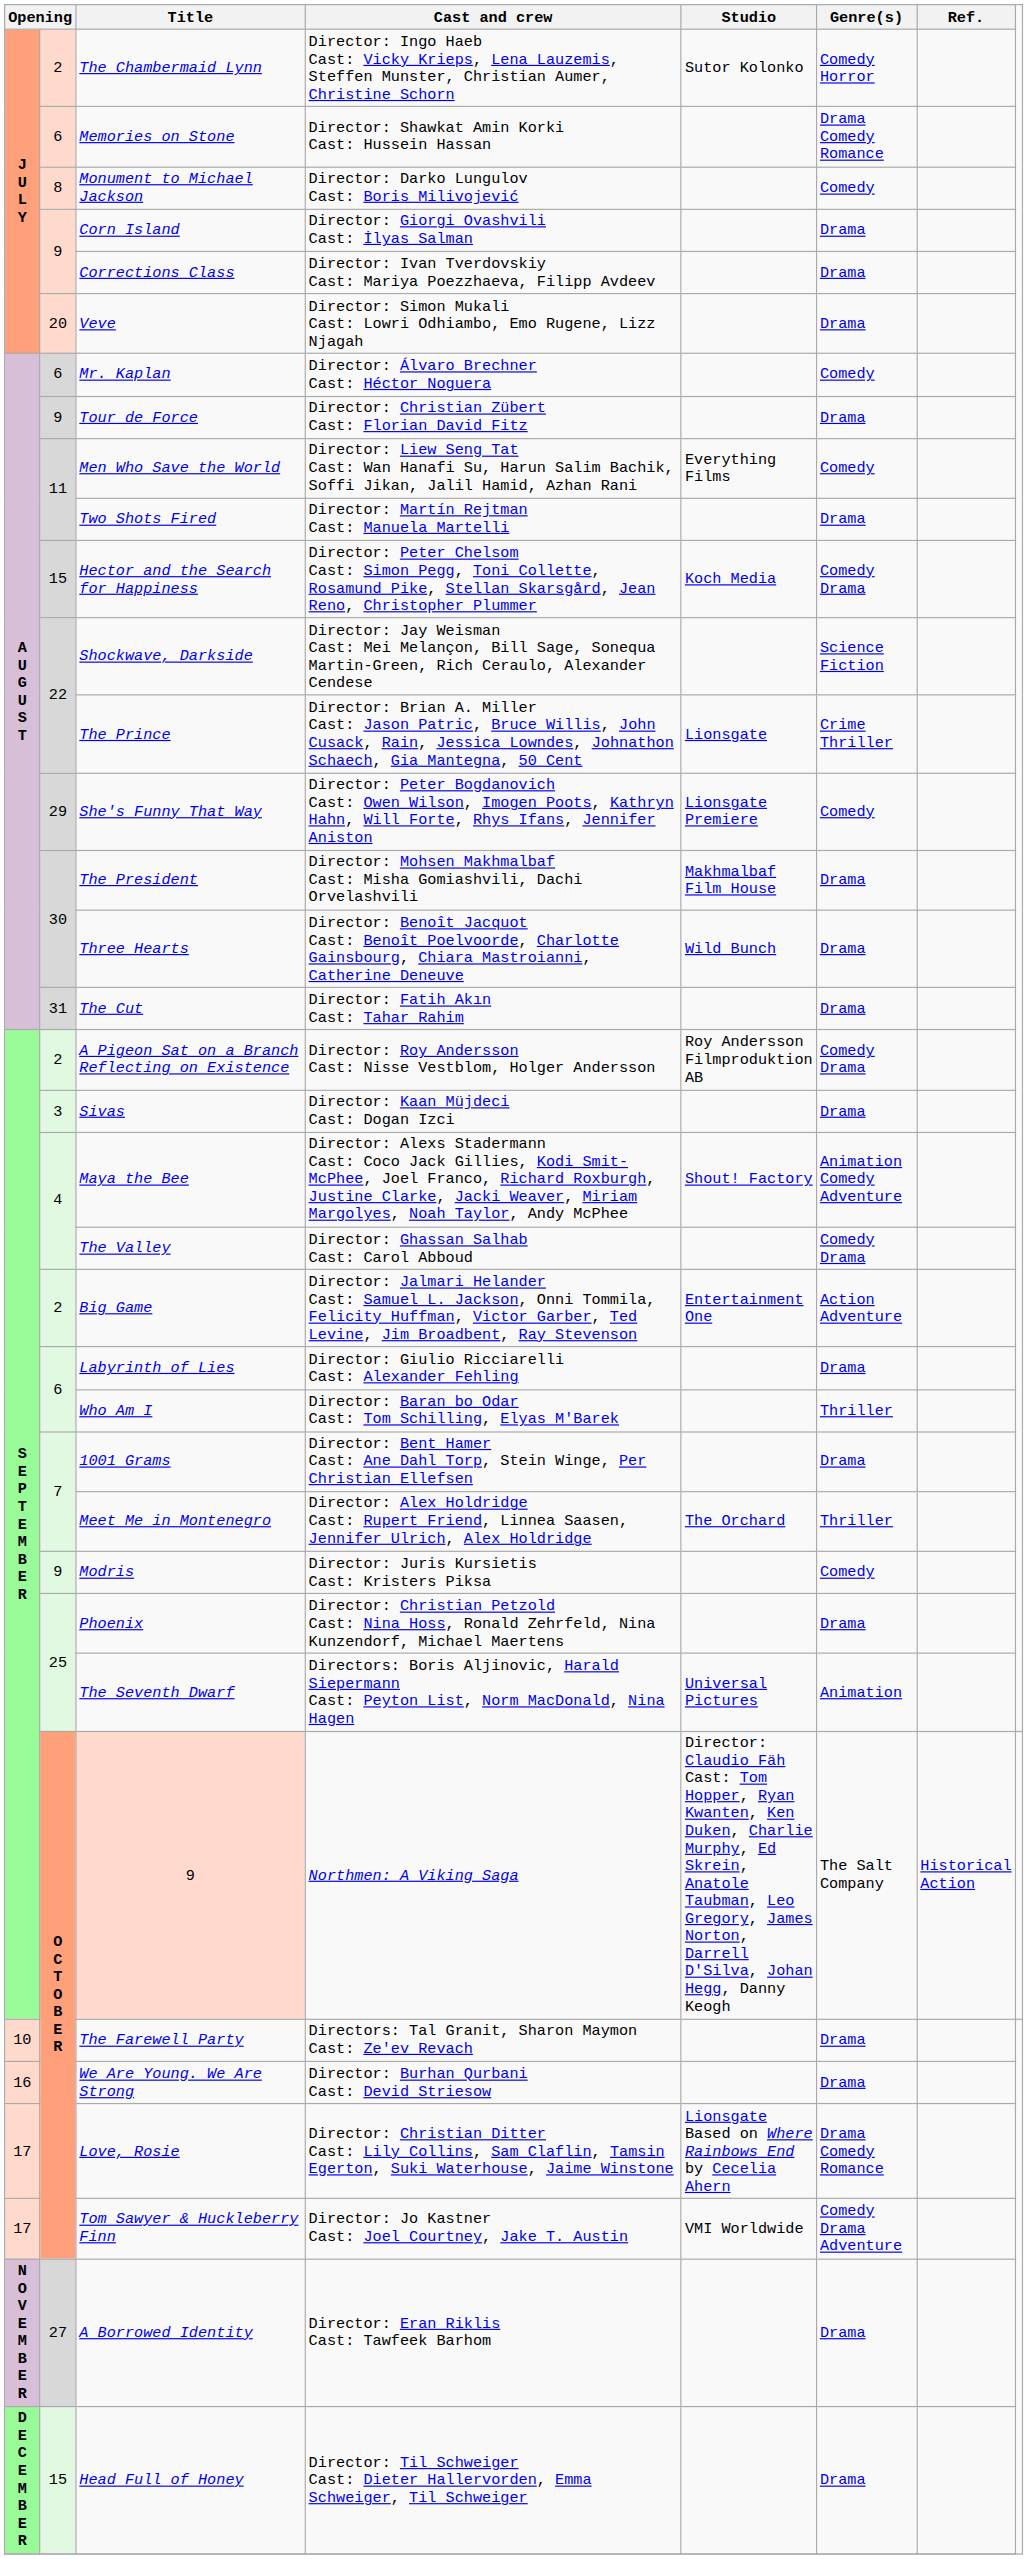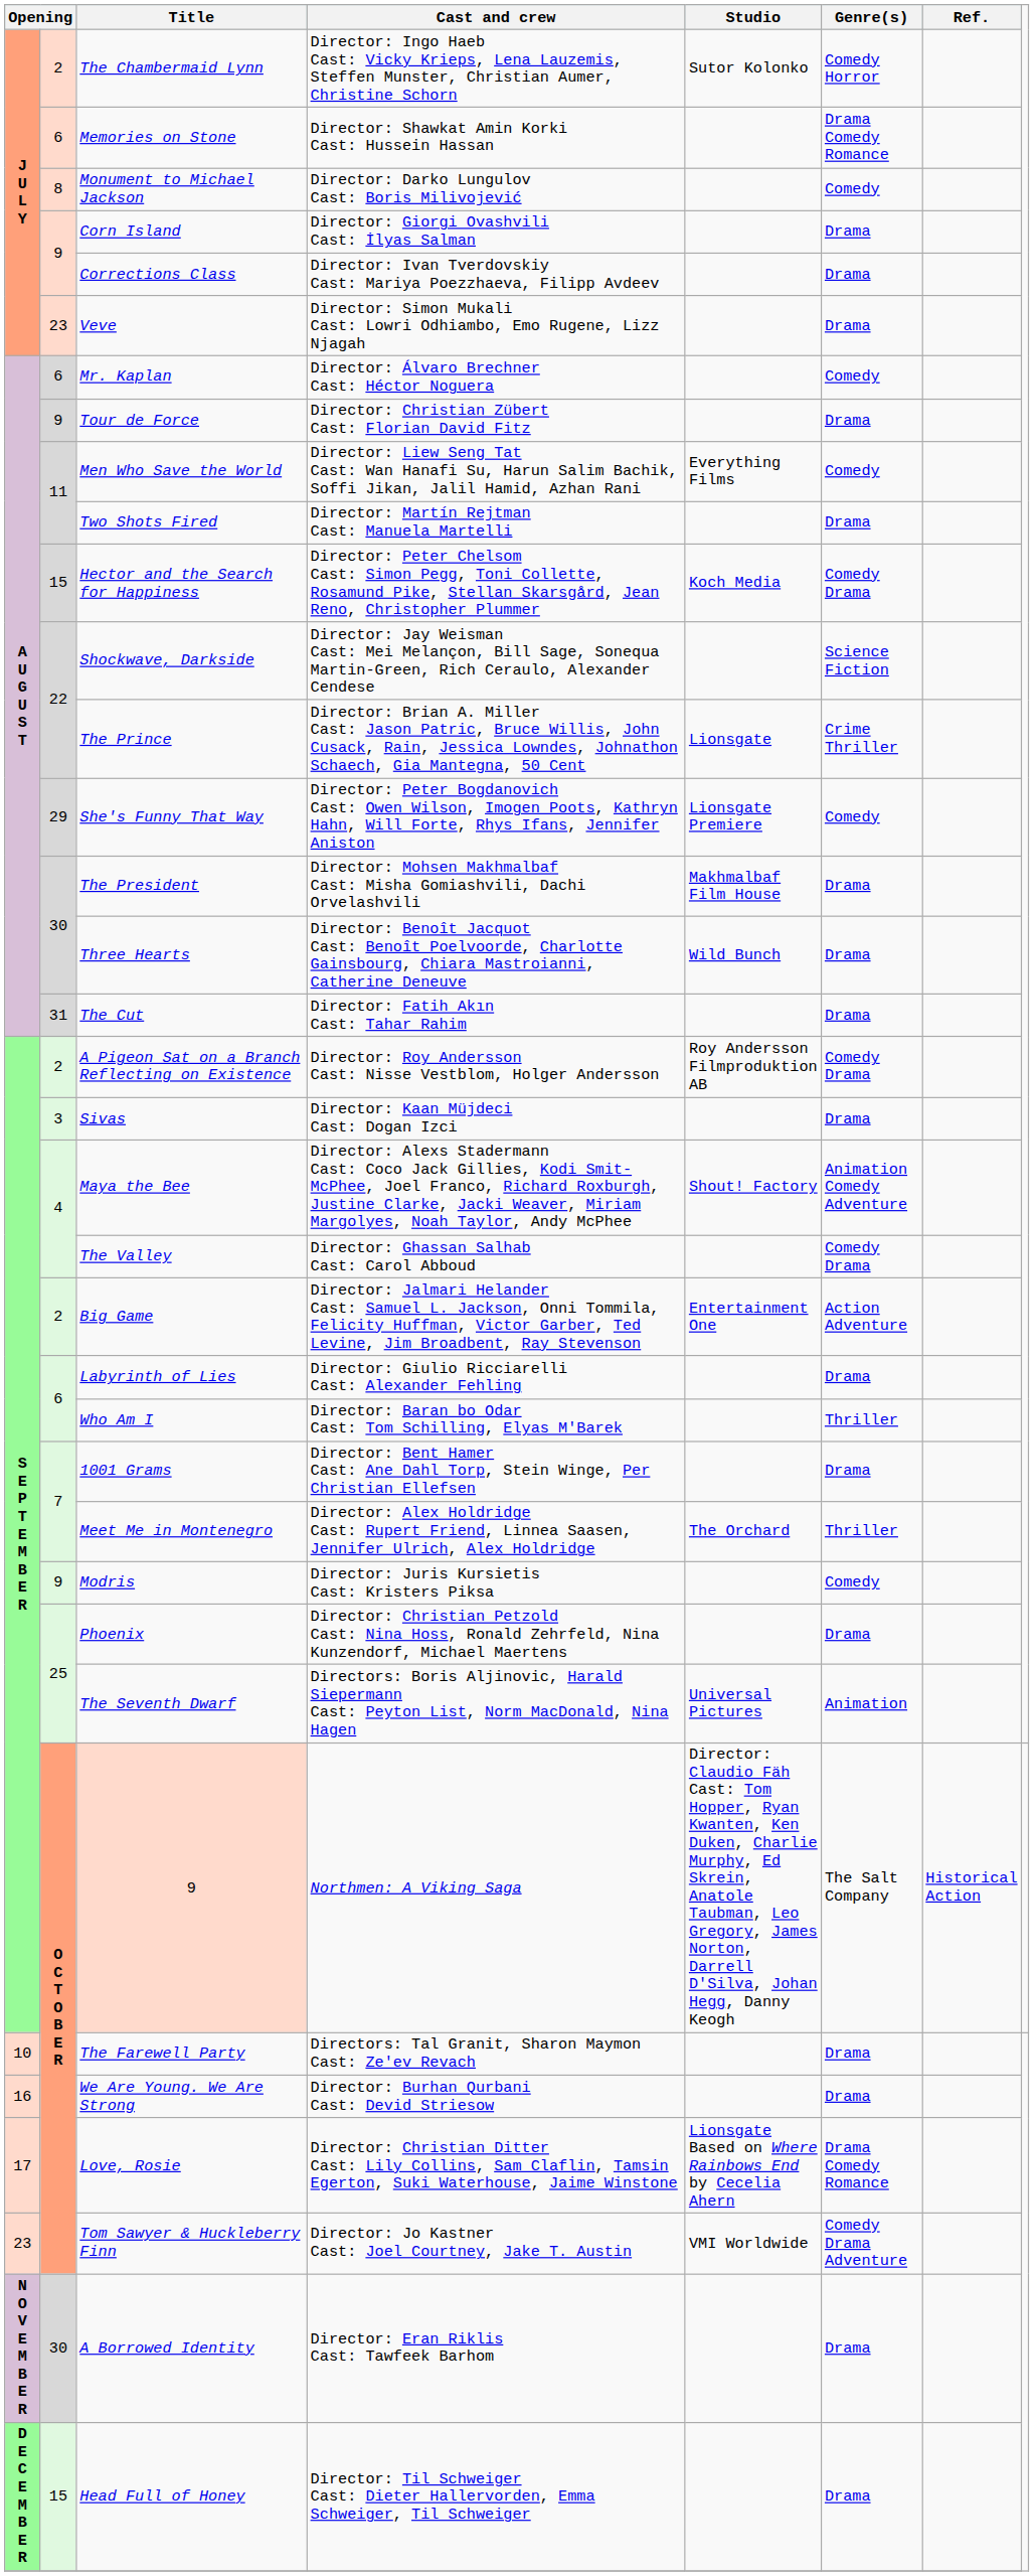 <table class="wikitable">
 <tr style="background:#b0e0e6; text-align:center;">
 <th colspan="2">Opening</th>
 <th style="width:24%;">Title</th>
 <th style="width:40%;">Cast and crew</th>
 <th>Studio</th>
 <th style="width:10%;">Genre(s)</th>
 <th style="width:2%;">Ref.</th>
 </tr>
 <tr>
 <th rowspan="6" style="text-align:center; background:#ffa07a; textcolor:#000;">J<br>U<br>L<br>Y</th>
 <td rowspan="1" style="text-align:center; background:#ffdacc;">2</td>
 <td><em><a href='#'>The Chambermaid Lynn</a></em></td>
 <td>Director: Ingo Haeb <br> Cast: <a href='#'>Vicky Krieps</a>, <a href='#'>Lena Lauzemis</a>, Steffen Munster, Christian Aumer, <a href='#'>Christine Schorn</a></td>
 <td>Sutor Kolonko</td>
 <td><a href='#'>Comedy</a> <br> <a href='#'>Horror</a></td>
 <td style="text-align:center"></td>
 </tr>
 <tr>
 <td rowspan="1" style="text-align:center; background:#ffdacc;">6</td>
 <td><em><a href='#'>Memories on Stone</a></em></td>
 <td>Director: Shawkat Amin Korki <br> Cast: Hussein Hassan</td>
 <td></td>
 <td><a href='#'>Drama</a> <br> <a href='#'>Comedy</a> <br> <a href='#'>Romance</a></td>
 <td style="text-align:center"></td>
 </tr>
 <tr>
 <td rowspan="1" style="text-align:center; background:#ffdacc;">8</td>
 <td><em><a href='#'>Monument to Michael Jackson</a></em></td>
 <td>Director: Darko Lungulov <br> Cast: <a href='#'>Boris Milivojević</a></td>
 <td></td>
 <td><a href='#'>Comedy</a></td>
 <td style="text-align:center"></td>
 </tr>
 <tr>
 <td rowspan="2" style="text-align:center; background:#ffdacc;">9</td>
 <td><em><a href='#'>Corn Island</a></em></td>
 <td>Director: <a href='#'>Giorgi Ovashvili</a> <br> Cast: <a href='#'>İlyas Salman</a></td>
 <td></td>
 <td><a href='#'>Drama</a></td>
 <td style="text-align:center"></td>
 </tr>
 <tr>
 <td><em><a href='#'>Corrections Class</a></em></td>
 <td>Director: Ivan Tverdovskiy <br> Cast: Mariya Poezzhaeva, Filipp Avdeev</td>
 <td></td>
 <td><a href='#'>Drama</a></td>
 <td style="text-align:center"></td>
 </tr>
 <tr>
-<td rowspan="1" style="text-align:center; background:#ffdacc;">20</td>
+<td rowspan="1" style="text-align:center; background:#ffdacc;">23</td>
 <td><em><a href='#'>Veve</a></em></td>
 <td>Director: Simon Mukali <br> Cast: Lowri Odhiambo, Emo Rugene, Lizz Njagah</td>
 <td></td>
 <td><a href='#'>Drama</a></td>
 <td style="text-align:center"></td>
 </tr>
 <tr>
 <th rowspan="11" style="text-align:center; background:thistle; textcolor:#000;">A<br>U<br>G<br>U<br>S<br>T</th>
 <td rowspan="1" style="text-align:center; background:#d8d8d8;">6</td>
 <td><em><a href='#'>Mr. Kaplan</a></em></td>
 <td>Director: <a href='#'>Álvaro Brechner</a> <br> Cast: <a href='#'>Héctor Noguera</a></td>
 <td></td>
 <td><a href='#'>Comedy</a></td>
 <td style="text-align:center"></td>
 </tr>
 <tr>
 <td rowspan="1" style="text-align:center; background:#d8d8d8;">9</td>
 <td><em><a href='#'>Tour de Force</a></em></td>
 <td>Director: <a href='#'>Christian Zübert</a> <br> Cast: <a href='#'>Florian David Fitz</a></td>
 <td></td>
 <td><a href='#'>Drama</a></td>
 <td style="text-align:center"></td>
 </tr>
 <tr>
 <td rowspan="2" style="text-align:center; background:#d8d8d8;">11</td>
 <td><em><a href='#'>Men Who Save the World</a></em></td>
 <td>Director: <a href='#'>Liew Seng Tat</a> <br> Cast: Wan Hanafi Su, Harun Salim Bachik, Soffi Jikan, Jalil Hamid, Azhan Rani</td>
 <td>Everything Films</td>
 <td><a href='#'>Comedy</a></td>
 <td style="text-align:center"></td>
 </tr>
 <tr>
 <td><em><a href='#'>Two Shots Fired</a></em></td>
 <td>Director: <a href='#'>Martín Rejtman</a> <br> Cast: <a href='#'>Manuela Martelli</a></td>
 <td></td>
 <td><a href='#'>Drama</a></td>
 <td style="text-align:center"></td>
 </tr>
 <tr>
 <td rowspan="1" style="text-align:center; background:#d8d8d8;">15</td>
 <td><em><a href='#'>Hector and the Search for Happiness</a></em></td>
 <td>Director: <a href='#'>Peter Chelsom</a> <br> Cast: <a href='#'>Simon Pegg</a>, <a href='#'>Toni Collette</a>, <a href='#'>Rosamund Pike</a>, <a href='#'>Stellan Skarsgård</a>, <a href='#'>Jean Reno</a>, <a href='#'>Christopher Plummer</a></td>
 <td><a href='#'>Koch Media</a></td>
 <td><a href='#'>Comedy</a> <br> <a href='#'>Drama</a></td>
 <td style="text-align:center"></td>
 </tr>
 <tr>
 <td rowspan="2" style="text-align:center; background:#d8d8d8;">22</td>
 <td><em><a href='#'>Shockwave, Darkside</a></em></td>
 <td>Director: Jay Weisman <br> Cast: Mei Melançon, Bill Sage, Sonequa Martin-Green, Rich Ceraulo, Alexander Cendese</td>
 <td></td>
 <td><a href='#'>Science Fiction</a></td>
 <td style="text-align:center"></td>
 </tr>
 <tr>
 <td><em><a href='#'>The Prince</a></em></td>
 <td>Director: Brian A. Miller <br> Cast: <a href='#'>Jason Patric</a>, <a href='#'>Bruce Willis</a>, <a href='#'>John Cusack</a>, <a href='#'>Rain</a>, <a href='#'>Jessica Lowndes</a>, <a href='#'>Johnathon Schaech</a>, <a href='#'>Gia Mantegna</a>, <a href='#'>50 Cent</a></td>
 <td><a href='#'>Lionsgate</a></td>
 <td><a href='#'>Crime</a> <br> <a href='#'>Thriller</a></td>
 <td style="text-align:center"></td>
 </tr>
 <tr>
 <td rowspan="1" style="text-align:center; background:#d8d8d8;">29</td>
 <td><em><a href='#'>She's Funny That Way</a></em></td>
 <td>Director: <a href='#'>Peter Bogdanovich</a> <br> Cast: <a href='#'>Owen Wilson</a>, <a href='#'>Imogen Poots</a>, <a href='#'>Kathryn Hahn</a>, <a href='#'>Will Forte</a>, <a href='#'>Rhys Ifans</a>, <a href='#'>Jennifer Aniston</a></td>
 <td><a href='#'>Lionsgate Premiere</a></td>
 <td><a href='#'>Comedy</a></td>
 <td style="text-align:center"></td>
 </tr>
 <tr>
 <td rowspan="2" style="text-align:center; background:#d8d8d8;">30</td>
 <td><em><a href='#'>The President</a></em></td>
 <td>Director: <a href='#'>Mohsen Makhmalbaf</a> <br> Cast: Misha Gomiashvili, Dachi Orvelashvili</td>
 <td><a href='#'>Makhmalbaf Film House</a></td>
 <td><a href='#'>Drama</a></td>
 <td style="text-align:center"></td>
 </tr>
 <tr>
 <td><em><a href='#'>Three Hearts</a></em></td>
 <td>Director: <a href='#'>Benoît Jacquot</a> <br> Cast: <a href='#'>Benoît Poelvoorde</a>, <a href='#'>Charlotte Gainsbourg</a>, <a href='#'>Chiara Mastroianni</a>, <a href='#'>Catherine Deneuve</a></td>
 <td><a href='#'>Wild Bunch</a></td>
 <td><a href='#'>Drama</a></td>
 <td style="text-align:center"></td>
 </tr>
 <tr>
 <td rowspan="1" style="text-align:center; background:#d8d8d8;">31</td>
 <td><em><a href='#'>The Cut</a></em></td>
 <td>Director: <a href='#'>Fatih Akın</a> <br> Cast: <a href='#'>Tahar Rahim</a></td>
 <td></td>
 <td><a href='#'>Drama</a></td>
 <td style="text-align:center"></td>
 </tr>
 <tr>
 <th rowspan="13" style="text-align:center; background:#98fb98; textcolor:#000;">S<br>E<br>P<br>T<br>E<br>M<br>B<br>E<br>R</th>
 <td rowspan="1" style="text-align:center; background:#e0f9e0;">2</td>
 <td><em><a href='#'>A Pigeon Sat on a Branch Reflecting on Existence</a></em></td>
 <td>Director: <a href='#'>Roy Andersson</a> <br> Cast: Nisse Vestblom, Holger Andersson</td>
 <td>Roy Andersson Filmproduktion AB</td>
 <td><a href='#'>Comedy</a> <br> <a href='#'>Drama</a></td>
 <td style="text-align:center"></td>
 </tr>
 <tr>
 <td rowspan="1" style="text-align:center; background:#e0f9e0;">3</td>
 <td><em><a href='#'>Sivas</a></em></td>
 <td>Director: <a href='#'>Kaan Müjdeci</a> <br> Cast: Dogan Izci</td>
 <td></td>
 <td><a href='#'>Drama</a></td>
 <td style="text-align:center"></td>
 </tr>
 <tr>
 <td rowspan="2" style="text-align:center; background:#e0f9e0;">4</td>
 <td><em><a href='#'>Maya the Bee</a></em></td>
 <td>Director: Alexs Stadermann <br> Cast: Coco Jack Gillies, <a href='#'>Kodi Smit-McPhee</a>, Joel Franco, <a href='#'>Richard Roxburgh</a>, <a href='#'>Justine Clarke</a>, <a href='#'>Jacki Weaver</a>, <a href='#'>Miriam Margolyes</a>, <a href='#'>Noah Taylor</a>, Andy McPhee</td>
 <td><a href='#'>Shout! Factory</a></td>
 <td><a href='#'>Animation</a> <br> <a href='#'>Comedy</a> <br> <a href='#'>Adventure</a></td>
 <td style="text-align:center"></td>
 </tr>
 <tr>
 <td><em><a href='#'>The Valley</a></em></td>
 <td>Director: <a href='#'>Ghassan Salhab</a> <br> Cast: Carol Abboud</td>
 <td></td>
 <td><a href='#'>Comedy</a> <br> <a href='#'>Drama</a></td>
 <td style="text-align:center"></td>
 </tr>
 <tr>
 <td rowspan="1" style="text-align:center; background:#e0f9e0;">2</td>
 <td><em><a href='#'>Big Game</a></em></td>
 <td>Director: <a href='#'>Jalmari Helander</a> <br> Cast: <a href='#'>Samuel L. Jackson</a>, Onni Tommila, <a href='#'>Felicity Huffman</a>, <a href='#'>Victor Garber</a>, <a href='#'>Ted Levine</a>, <a href='#'>Jim Broadbent</a>, <a href='#'>Ray Stevenson</a></td>
 <td><a href='#'>Entertainment One</a></td>
 <td><a href='#'>Action</a> <br> <a href='#'>Adventure</a></td>
 <td style="text-align:center"></td>
 </tr>
 <tr>
 <td rowspan="2" style="text-align:center; background:#e0f9e0;">6</td>
 <td><em><a href='#'>Labyrinth of Lies</a></em></td>
 <td>Director: Giulio Ricciarelli <br> Cast: <a href='#'>Alexander Fehling</a></td>
 <td></td>
 <td><a href='#'>Drama</a></td>
 <td style="text-align:center"></td>
 </tr>
 <tr>
 <td><em><a href='#'>Who Am I</a></em></td>
 <td>Director: <a href='#'>Baran bo Odar</a> <br> Cast: <a href='#'>Tom Schilling</a>, <a href='#'>Elyas M'Barek</a></td>
 <td></td>
 <td><a href='#'>Thriller</a></td>
 <td style="text-align:center"></td>
 </tr>
 <tr>
 <td rowspan="2" style="text-align:center; background:#e0f9e0;">7</td>
 <td><em><a href='#'>1001 Grams</a></em></td>
 <td>Director: <a href='#'>Bent Hamer</a> <br> Cast: <a href='#'>Ane Dahl Torp</a>, Stein Winge, <a href='#'>Per Christian Ellefsen</a></td>
 <td></td>
 <td><a href='#'>Drama</a></td>
 <td style="text-align:center"></td>
 </tr>
 <tr>
 <td><em><a href='#'>Meet Me in Montenegro</a></em></td>
 <td>Director: <a href='#'>Alex Holdridge</a> <br> Cast: <a href='#'>Rupert Friend</a>,  Linnea Saasen, <a href='#'>Jennifer Ulrich</a>, <a href='#'>Alex Holdridge</a></td>
 <td><a href='#'>The Orchard</a></td>
 <td><a href='#'>Thriller</a></td>
 <td style="text-align:center"></td>
 </tr>
 <tr>
 <td rowspan="1" style="text-align:center; background:#e0f9e0;">9</td>
 <td><em><a href='#'>Modris</a></em></td>
 <td>Director: Juris Kursietis <br> Cast: Kristers Piksa</td>
 <td></td>
 <td><a href='#'>Comedy</a></td>
 <td style="text-align:center"></td>
 </tr>
 <tr>
 <td rowspan="2" style="text-align:center; background:#e0f9e0;">25</td>
 <td><em><a href='#'>Phoenix</a></em></td>
 <td>Director: <a href='#'>Christian Petzold</a> <br> Cast: <a href='#'>Nina Hoss</a>, Ronald Zehrfeld, Nina Kunzendorf, Michael Maertens</td>
 <td></td>
 <td><a href='#'>Drama</a></td>
 <td style="text-align:center"></td>
 </tr>
 <tr>
 <td><em><a href='#'>The Seventh Dwarf</a></em></td>
 <td>Directors: Boris Aljinovic, <a href='#'>Harald Siepermann</a> <br> Cast: <a href='#'>Peyton List</a>, <a href='#'>Norm MacDonald</a>, <a href='#'>Nina Hagen</a></td>
 <td><a href='#'>Universal Pictures</a></td>
 <td><a href='#'>Animation</a></td>
 <td style="text-align:center"></td>
 </tr>
 <tr>
 <th rowspan="5" style="text-align:center; background:#ffa07a; textcolor:#000;">O<br>C<br>T<br>O<br>B<br>E<br>R</th>
 <td rowspan="1" style="text-align:center; background:#ffdacc;">9</td>
 <td><em><a href='#'>Northmen: A Viking Saga</a></em></td>
 <td>Director: <a href='#'>Claudio Fäh</a> <br> Cast: <a href='#'>Tom Hopper</a>, <a href='#'>Ryan Kwanten</a>, <a href='#'>Ken Duken</a>, <a href='#'>Charlie Murphy</a>, <a href='#'>Ed Skrein</a>, <a href='#'>Anatole Taubman</a>, <a href='#'>Leo Gregory</a>, <a href='#'>James Norton</a>, <a href='#'>Darrell D'Silva</a>, <a href='#'>Johan Hegg</a>, Danny Keogh</td>
 <td>The Salt Company</td>
 <td><a href='#'>Historical</a> <br> <a href='#'>Action</a></td>
 <td style="text-align:center"></td>
 </tr>
 <tr>
 <td rowspan="1" style="text-align:center; background:#ffdacc;">10</td>
 <td><em><a href='#'>The Farewell Party</a></em></td>
 <td>Directors: Tal Granit, Sharon Maymon <br> Cast: <a href='#'>Ze'ev Revach</a></td>
 <td></td>
 <td><a href='#'>Drama</a></td>
 <td style="text-align:center"></td>
 </tr>
 <tr>
 <td rowspan="1" style="text-align:center; background:#ffdacc;">16</td>
 <td><em><a href='#'>We Are Young. We Are Strong</a></em></td>
 <td>Director: <a href='#'>Burhan Qurbani</a> <br> Cast: <a href='#'>Devid Striesow</a></td>
 <td></td>
 <td><a href='#'>Drama</a></td>
 <td style="text-align:center"></td>
 </tr>
 <tr>
 <td rowspan="1" style="text-align:center; background:#ffdacc;">17</td>
 <td><em><a href='#'>Love, Rosie</a></em></td>
 <td>Director: <a href='#'>Christian Ditter</a> <br> Cast: <a href='#'>Lily Collins</a>, <a href='#'>Sam Claflin</a>, <a href='#'>Tamsin Egerton</a>, <a href='#'>Suki Waterhouse</a>, <a href='#'>Jaime Winstone</a></td>
 <td><a href='#'>Lionsgate</a> <br> Based on <em><a href='#'>Where Rainbows End</a></em> by <a href='#'>Cecelia Ahern</a></td>
 <td><a href='#'>Drama</a> <br> <a href='#'>Comedy</a> <br> <a href='#'>Romance</a></td>
 <td style="text-align:center"></td>
 </tr>
 <tr>
-<td rowspan="1" style="text-align:center; background:#ffdacc;">17</td>
+<td rowspan="1" style="text-align:center; background:#ffdacc;">23</td>
 <td><em><a href='#'>Tom Sawyer & Huckleberry Finn</a></em></td>
 <td>Director: Jo Kastner <br> Cast: <a href='#'>Joel Courtney</a>, <a href='#'>Jake T. Austin</a></td>
 <td>VMI Worldwide</td>
 <td><a href='#'>Comedy</a> <br> <a href='#'>Drama</a> <br> <a href='#'>Adventure</a></td>
 <td style="text-align:center"></td>
 </tr>
 <tr>
 <th rowspan="1" style="text-align:center; background:thistle; textcolor:#000;">N<br>O<br>V<br>E<br>M<br>B<br>E<br>R</th>
-<td rowspan="1" style="text-align:center; background:#d8d8d8;">27</td>
+<td rowspan="1" style="text-align:center; background:#d8d8d8;">30</td>
 <td><em><a href='#'>A Borrowed Identity</a></em></td>
 <td>Director: <a href='#'>Eran Riklis</a> <br> Cast: Tawfeek Barhom</td>
 <td></td>
 <td><a href='#'>Drama</a></td>
 <td style="text-align:center"></td>
 </tr>
 <tr>
 <th rowspan="1" style="text-align:center; background:#98fb98; textcolor:#000;">D<br>E<br>C<br>E<br>M<br>B<br>E<br>R</th>
 <td rowspan="1" style="text-align:center; background:#e0f9e0;">15</td>
 <td><em><a href='#'>Head Full of Honey</a></em></td>
 <td>Director: <a href='#'>Til Schweiger</a> <br> Cast: <a href='#'>Dieter Hallervorden</a>, <a href='#'>Emma Schweiger</a>, <a href='#'>Til Schweiger</a></td>
 <td></td>
 <td><a href='#'>Drama</a></td>
 <td style="text-align:center"></td>
 </tr>
 <tr>
 </tr>
 </table>
